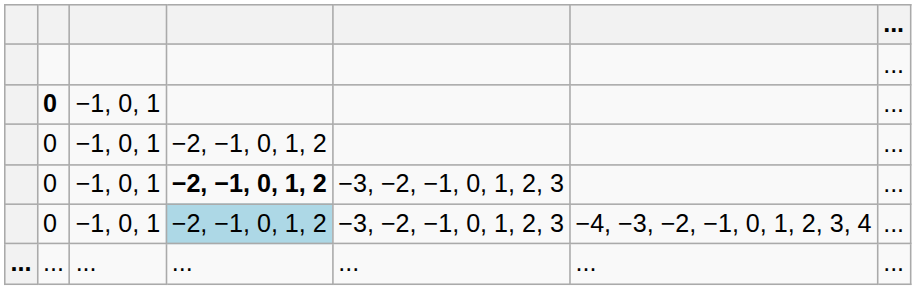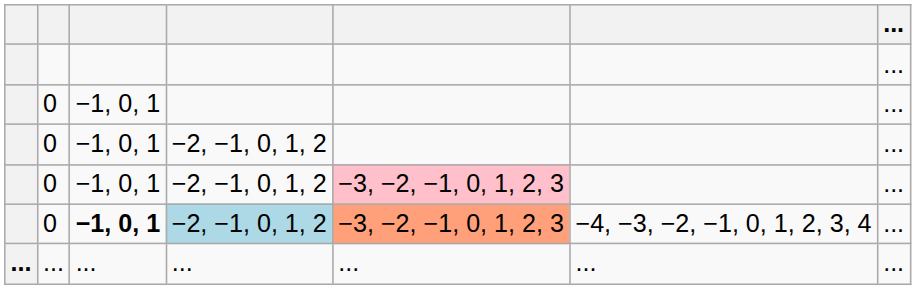 <table class="wikitable">
 <tr>
 <th></th>
 <th></th>
 <th></th>
 <th></th>
 <th></th>
 <th></th>
 <th>...</th>
 </tr>
 <tr>
 <th></th>
 <td></td>
 <td></td>
 <td></td>
 <td></td>
 <td></td>
 <td>...</td>
 </tr>
 <tr>
 <th></th>
-<td><strong>0</strong></td>
+<td>0</td>
 <td>−1, 0, 1</td>
 <td></td>
 <td></td>
 <td></td>
 <td>...</td>
 </tr>
 <tr>
 <th></th>
 <td>0</td>
 <td>−1, 0, 1</td>
 <td>−2, −1, 0, 1, 2</td>
 <td></td>
 <td></td>
 <td>...</td>
 </tr>
 <tr>
 <th></th>
 <td>0</td>
 <td>−1, 0, 1</td>
-<td><strong>−2, −1, 0, 1, 2</strong></td>
-<td>−3, −2, −1, 0, 1, 2, 3</td>
+<td>−2, −1, 0, 1, 2</td>
+<td style="background: pink;">−3, −2, −1, 0, 1, 2, 3</td>
 <td></td>
 <td>...</td>
 </tr>
 <tr>
 <th></th>
 <td>0</td>
-<td>−1, 0, 1</td>
+<td><strong>−1, 0, 1</strong></td>
 <td style="background: lightblue;">−2, −1, 0, 1, 2</td>
-<td>−3, −2, −1, 0, 1, 2, 3</td>
+<td style="background: lightsalmon;">−3, −2, −1, 0, 1, 2, 3</td>
 <td>−4, −3, −2, −1, 0, 1, 2, 3, 4</td>
 <td>...</td>
 </tr>
 <tr>
 <th>...</th>
 <td>...</td>
 <td>...</td>
 <td>...</td>
 <td>...</td>
 <td>...</td>
 <td>...</td>
 </tr>
 </table>
